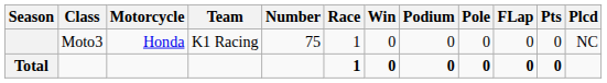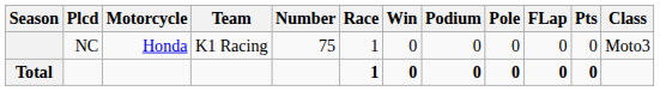 <table class="wikitable" style=text-align:right>
 <tr>
 <th>Season</th>
-<th>Class</th>
+<th>Plcd</th>
 <th>Motorcycle</th>
 <th>Team</th>
 <th>Number</th>
 <th>Race</th>
 <th>Win</th>
 <th>Podium</th>
 <th>Pole</th>
 <th>FLap</th>
 <th>Pts</th>
-<th>Plcd</th>
+<th>Class</th>
 </tr>
 <tr>
 <th></th>
-<td>Moto3</td>
+<td>NC</td>
 <td><a href='#'>Honda</a></td>
 <td>K1 Racing</td>
 <td>75</td>
 <td>1</td>
 <td>0</td>
 <td>0</td>
 <td>0</td>
 <td>0</td>
 <td>0</td>
-<td>NC</td>
+<td>Moto3</td>
 </tr>
 <tr>
 <th>Total</th>
 <td></td>
 <td></td>
 <td></td>
 <td></td>
 <td><strong>1</strong></td>
 <td><strong>0</strong></td>
 <td><strong>0</strong></td>
 <td><strong>0</strong></td>
 <td><strong>0</strong></td>
 <td><strong>0</strong></td>
 <td></td>
 </tr>
 </table>
